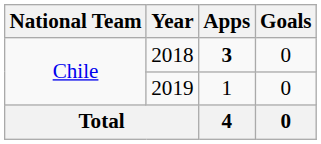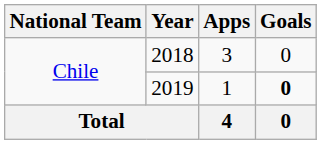 <table class="wikitable" style="text-align: center">
 <tr>
 <th>National Team</th>
 <th>Year</th>
 <th>Apps</th>
 <th>Goals</th>
 </tr>
 <tr>
 <td rowspan="2"><a href='#'>Chile</a></td>
 <td>2018</td>
-<td><strong>3</strong></td>
+<td>3</td>
 <td>0</td>
 </tr>
 <tr>
 <td>2019</td>
 <td>1</td>
-<td>0</td>
+<td><strong>0</strong></td>
 </tr>
 <tr>
 <th colspan="2">Total</th>
 <th>4</th>
 <th>0</th>
 </tr>
 </table>
